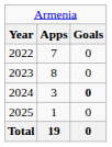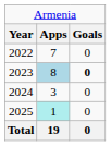 <table class="wikitable" style="text-align:center">
 <tr>
 <td colspan=5><a href='#'>Armenia</a></td>
 </tr>
 <tr>
 <th>Year</th>
 <th>Apps</th>
 <th>Goals</th>
 </tr>
 <tr>
 <td>2022</td>
 <td>7</td>
 <td>0</td>
 </tr>
 <tr>
 <td>2023</td>
-<td>8</td>
-<td>0</td>
+<td style="background: lightblue;">8</td>
+<td><strong>0</strong></td>
 </tr>
 <tr>
 <td>2024</td>
 <td>3</td>
-<td><strong>0</strong></td>
+<td>0</td>
 </tr>
 <tr>
 <td>2025</td>
-<td>1</td>
+<td style="background: paleturquoise;">1</td>
 <td>0</td>
 </tr>
 <tr>
 <th>Total</th>
 <th>19</th>
 <th>0</th>
 </tr>
 </table>
